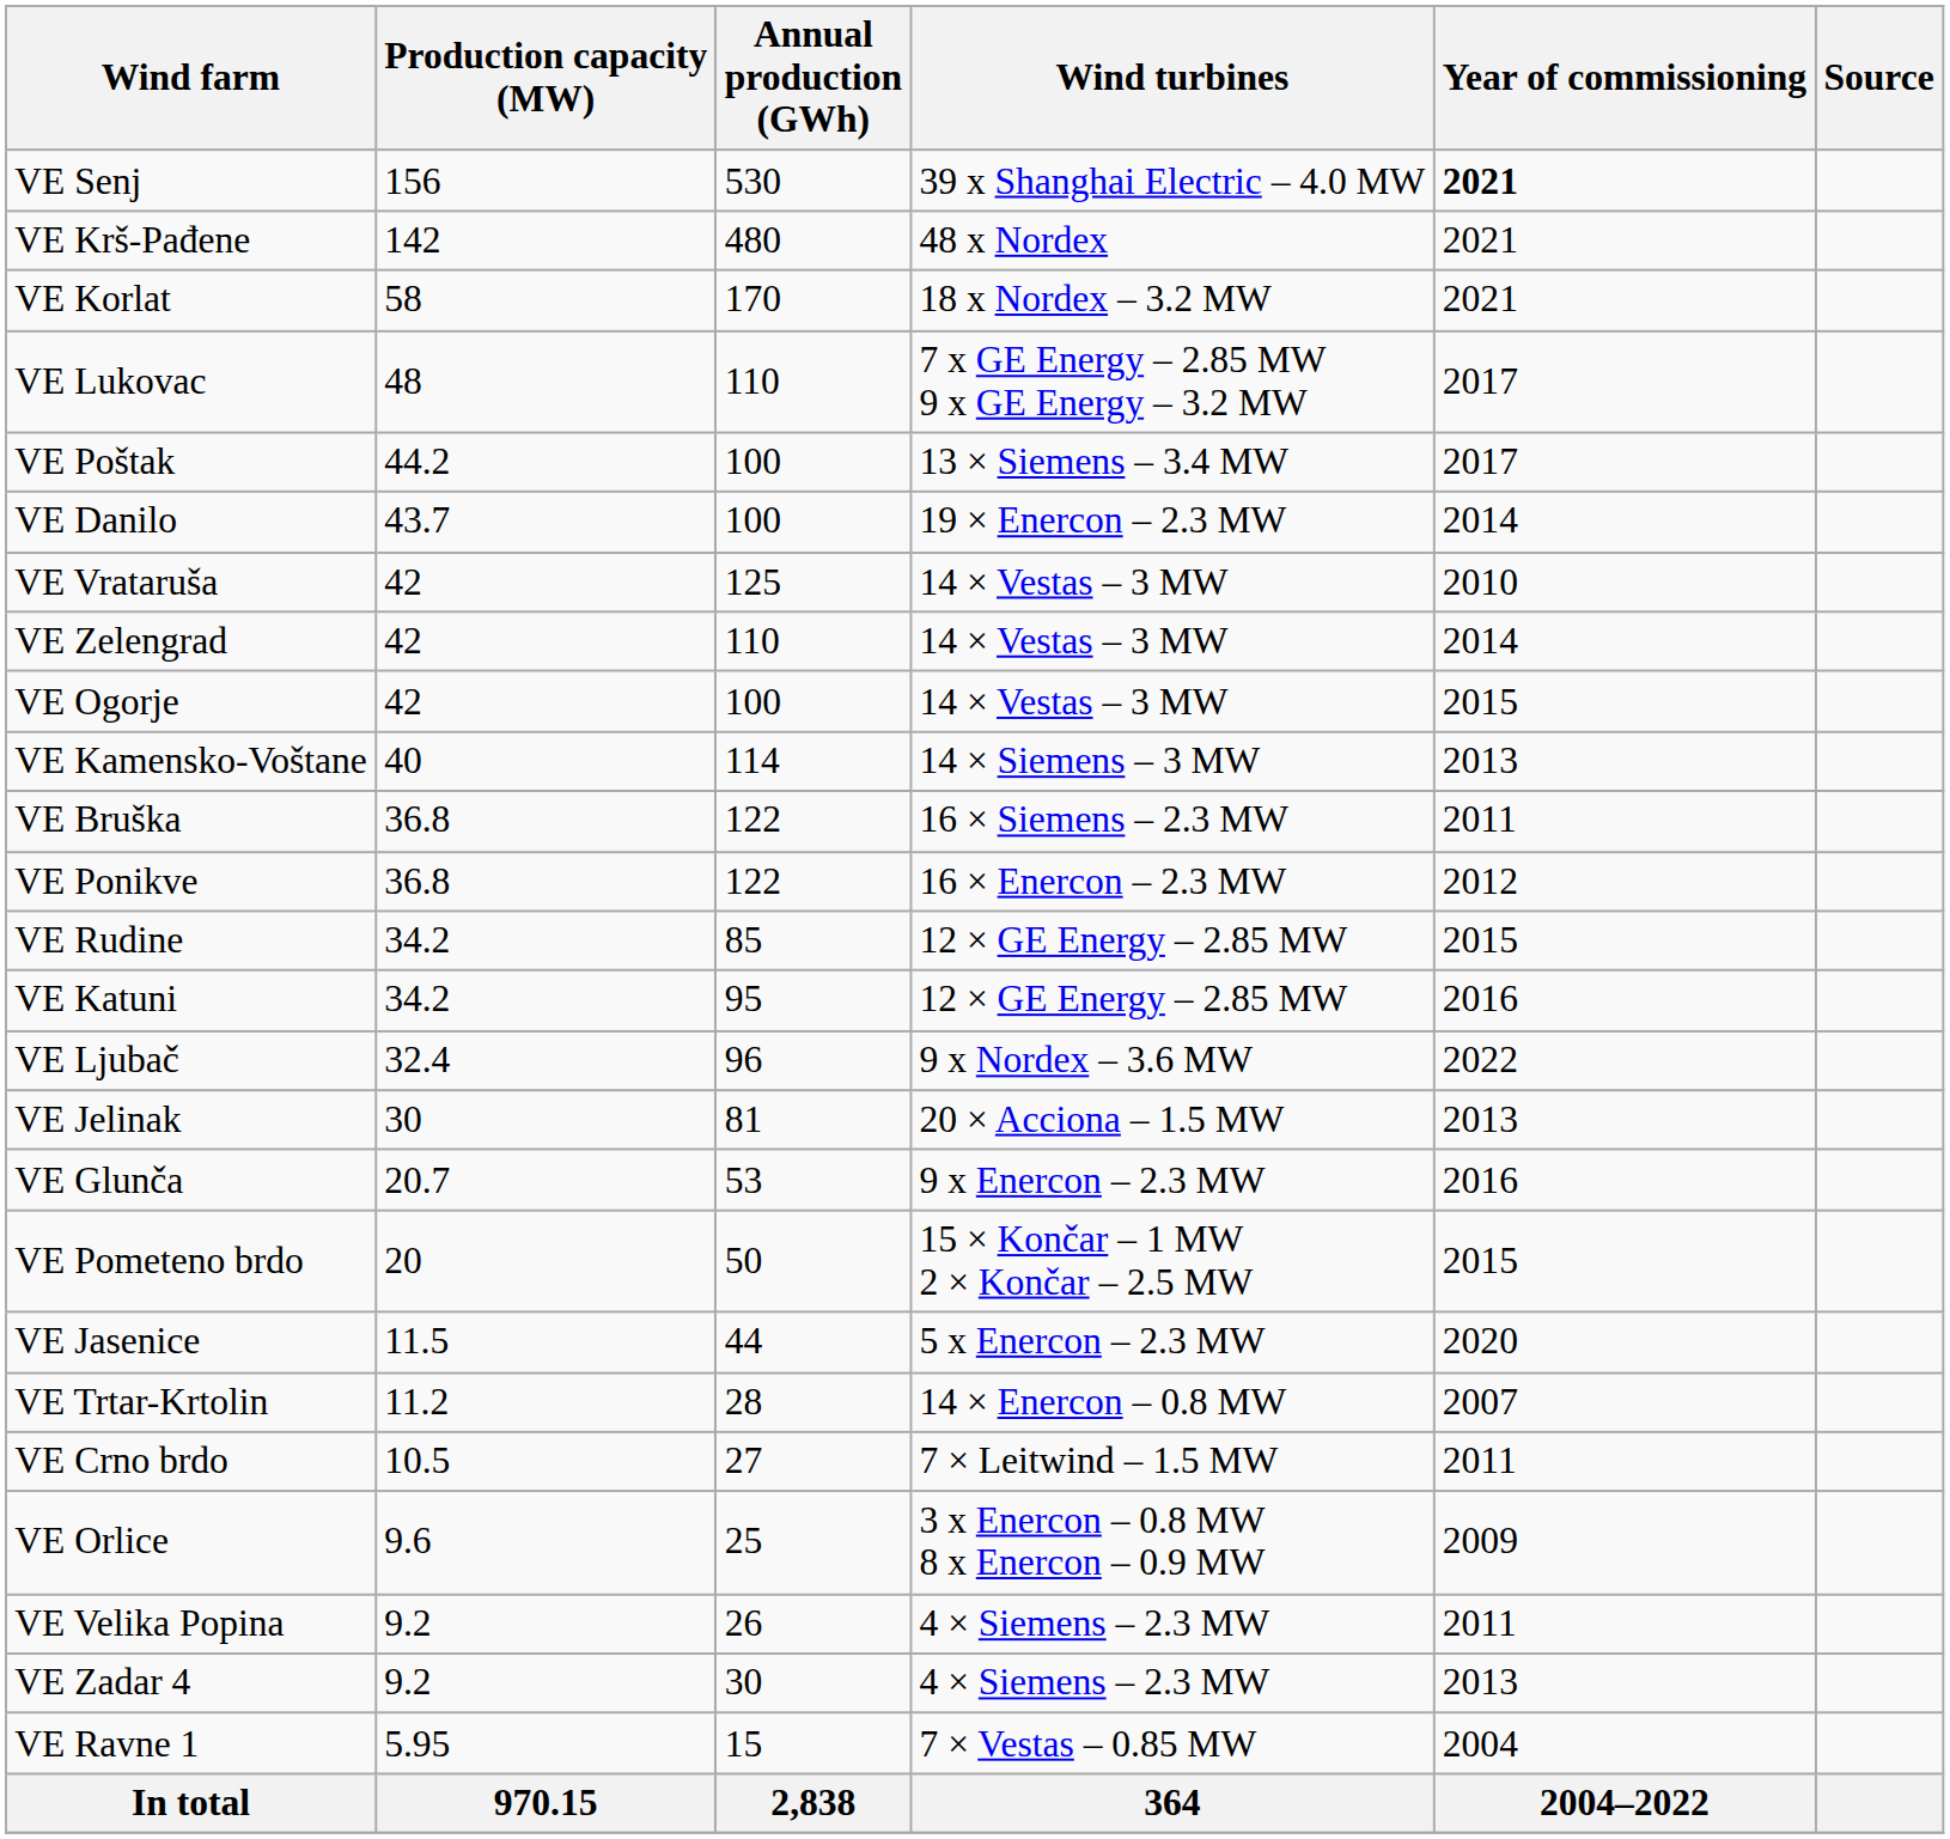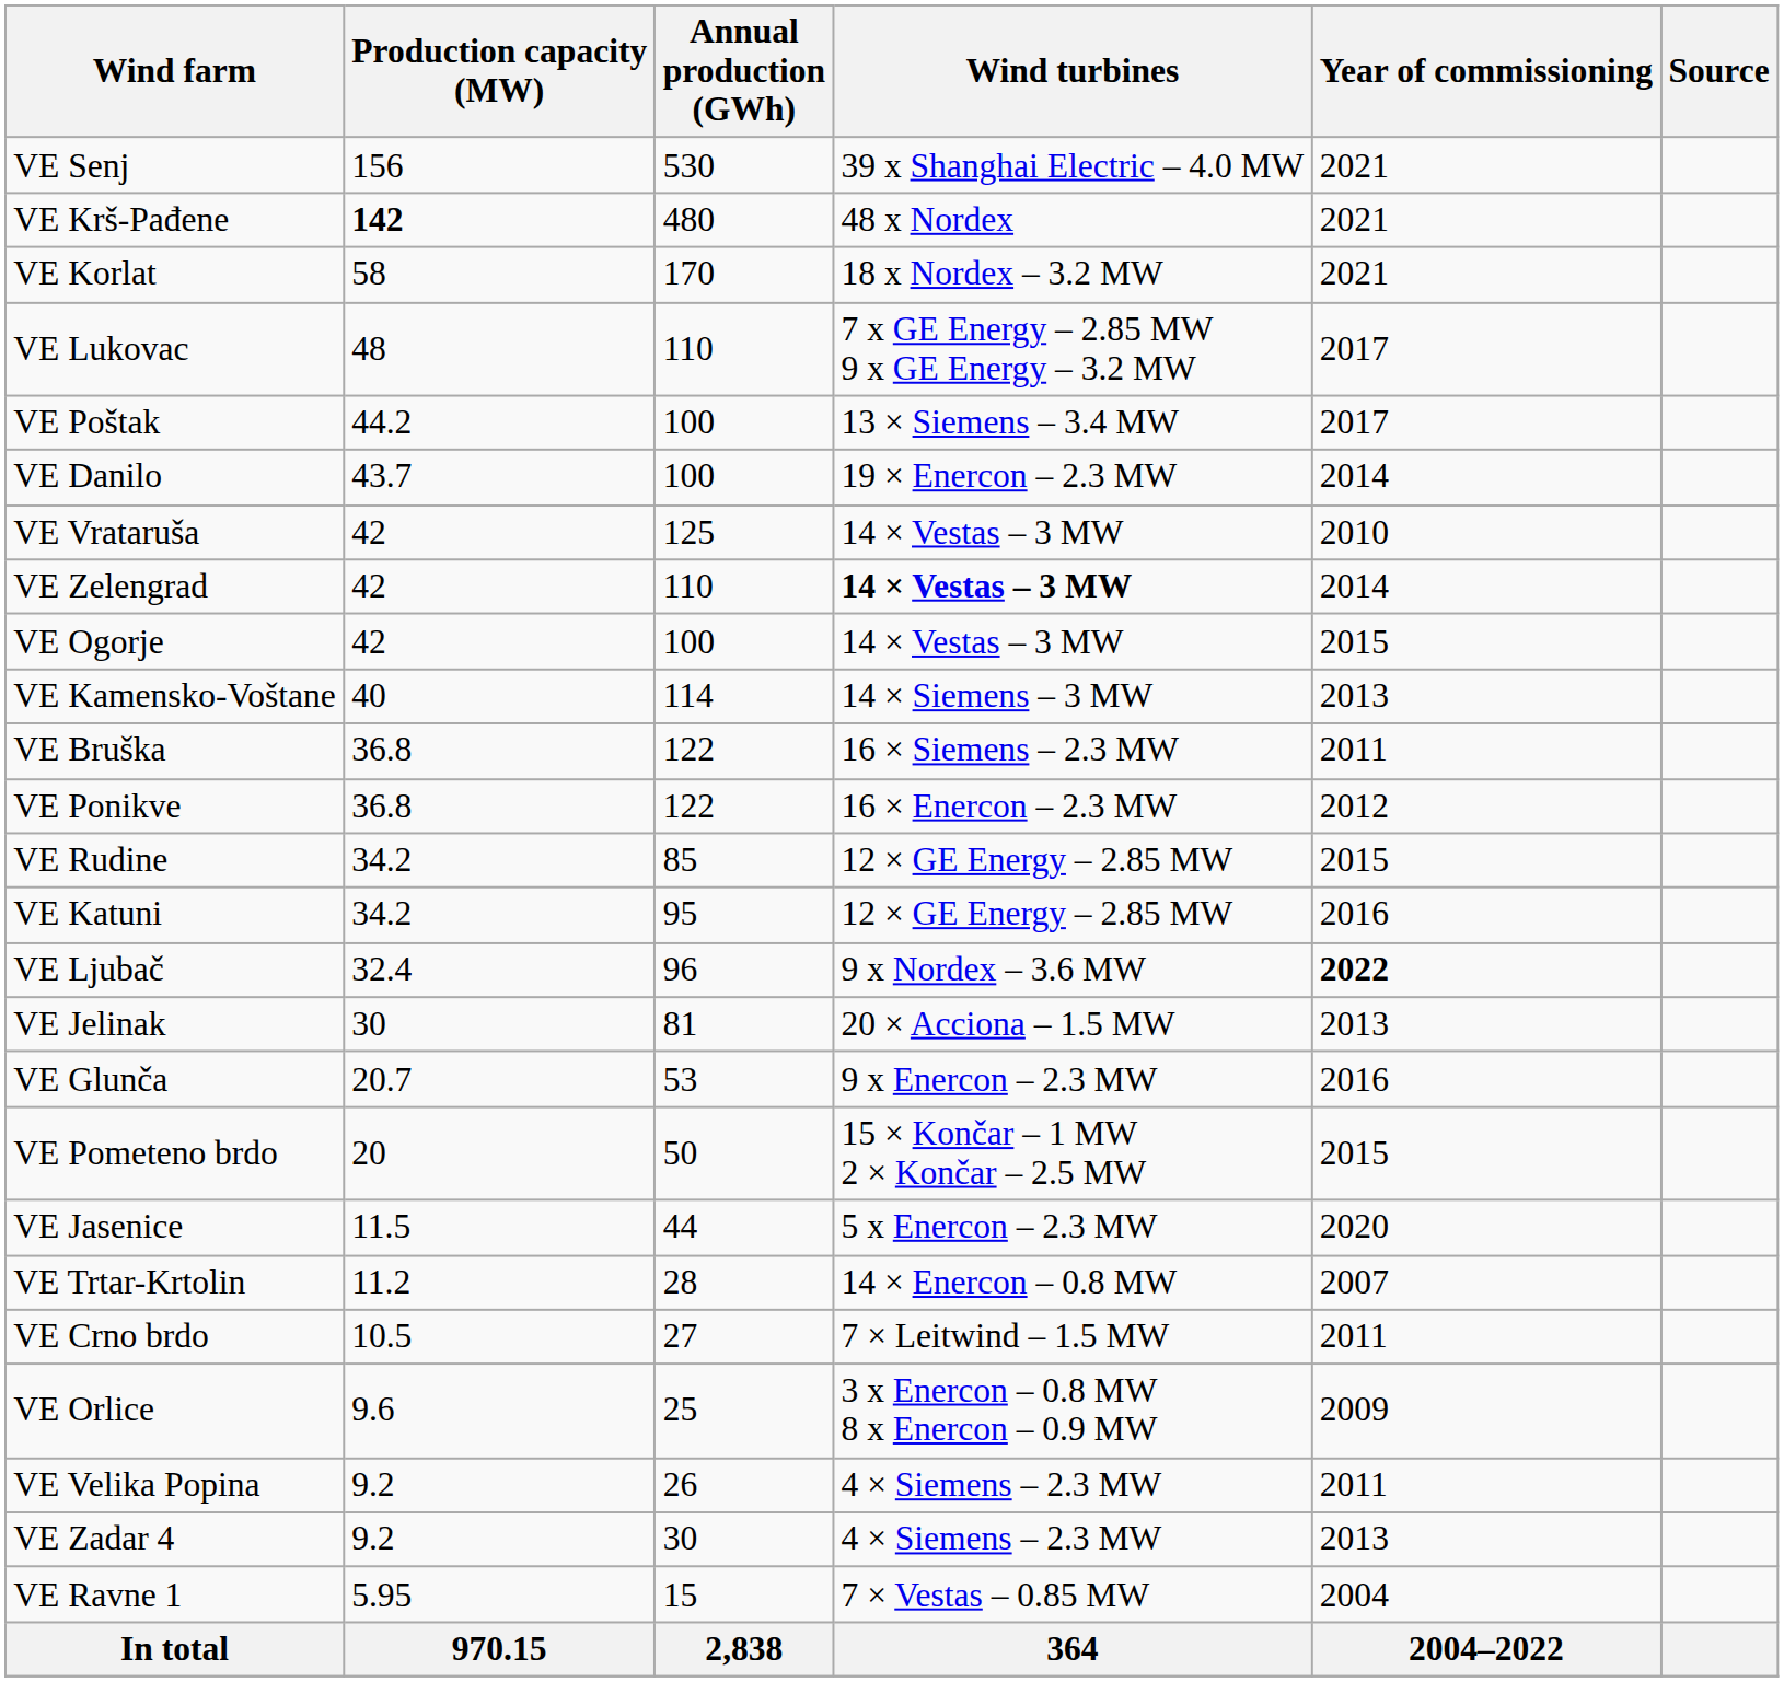 <table class="wikitable sortable c6">
 <tr>
 <th>Wind farm</th>
 <th>Production capacity<br>(MW)</th>
 <th>Annual<br>production<br>(GWh)</th>
 <th>Wind turbines</th>
 <th>Year of commissioning</th>
 <th class="unsortable">Source</th>
 </tr>
 <tr>
 <td>VE Senj</td>
 <td>156</td>
 <td>530</td>
 <td>39 x <a href='#'>Shanghai Electric</a> – 4.0 MW</td>
-<td><strong>2021</strong></td>
+<td>2021</td>
 <td></td>
 </tr>
 <tr>
 <td>VE Krš-Pađene</td>
-<td>142</td>
+<td><strong>142</strong></td>
 <td>480</td>
 <td>48 x <a href='#'>Nordex</a></td>
 <td>2021</td>
 <td></td>
 </tr>
 <tr>
 <td>VE Korlat</td>
 <td>58</td>
 <td>170</td>
 <td>18 x <a href='#'>Nordex</a> – 3.2 MW</td>
 <td>2021</td>
 <td></td>
 </tr>
 <tr>
 <td>VE Lukovac</td>
 <td>48</td>
 <td>110</td>
 <td>7 x <a href='#'>GE Energy</a> – 2.85 MW<br>9 x <a href='#'>GE Energy</a> – 3.2 MW</td>
 <td>2017</td>
 <td></td>
 </tr>
 <tr>
 <td>VE Poštak</td>
 <td>44.2</td>
 <td>100</td>
 <td>13 × <a href='#'>Siemens</a> – 3.4 MW</td>
 <td>2017</td>
 <td></td>
 </tr>
 <tr>
 <td>VE Danilo</td>
 <td>43.7</td>
 <td>100</td>
 <td>19 × <a href='#'>Enercon</a> – 2.3 MW</td>
 <td>2014</td>
 <td></td>
 </tr>
 <tr>
 <td>VE Vrataruša</td>
 <td>42</td>
 <td>125</td>
 <td>14 × <a href='#'>Vestas</a> – 3 MW</td>
 <td>2010</td>
 <td></td>
 </tr>
 <tr>
 <td>VE Zelengrad</td>
 <td>42</td>
 <td>110</td>
-<td>14 × <a href='#'>Vestas</a> – 3 MW</td>
+<td><strong>14 × <a href='#'>Vestas</a> – 3 MW</strong></td>
 <td>2014</td>
 <td></td>
 </tr>
 <tr>
 <td>VE Ogorje</td>
 <td>42</td>
 <td>100</td>
 <td>14 × <a href='#'>Vestas</a> – 3 MW</td>
 <td>2015</td>
 <td></td>
 </tr>
 <tr>
 <td>VE Kamensko-Voštane</td>
 <td>40</td>
 <td>114</td>
 <td>14 × <a href='#'>Siemens</a> – 3 MW</td>
 <td>2013</td>
 <td></td>
 </tr>
 <tr>
 <td>VE Bruška</td>
 <td>36.8</td>
 <td>122</td>
 <td>16 × <a href='#'>Siemens</a> – 2.3 MW</td>
 <td>2011</td>
 <td></td>
 </tr>
 <tr>
 <td>VE Ponikve</td>
 <td>36.8</td>
 <td>122</td>
 <td>16 × <a href='#'>Enercon</a> – 2.3 MW</td>
 <td>2012</td>
 <td></td>
 </tr>
 <tr>
 <td>VE Rudine</td>
 <td>34.2</td>
 <td>85</td>
 <td>12 × <a href='#'>GE Energy</a> – 2.85 MW</td>
 <td>2015</td>
 <td></td>
 </tr>
 <tr>
 <td>VE Katuni</td>
 <td>34.2</td>
 <td>95</td>
 <td>12 × <a href='#'>GE Energy</a> – 2.85 MW</td>
 <td>2016</td>
 <td></td>
 </tr>
 <tr>
 <td>VE Ljubač</td>
 <td>32.4</td>
 <td>96</td>
 <td>9 x <a href='#'>Nordex</a> – 3.6 MW</td>
-<td>2022</td>
+<td><strong>2022</strong></td>
 <td></td>
 </tr>
 <tr>
 <td>VE Jelinak</td>
 <td>30</td>
 <td>81</td>
 <td>20 × <a href='#'>Acciona</a> – 1.5 MW</td>
 <td>2013</td>
 <td></td>
 </tr>
 <tr>
 <td>VE Glunča</td>
 <td>20.7</td>
 <td>53</td>
 <td>9 x <a href='#'>Enercon</a> – 2.3 MW</td>
 <td>2016</td>
 <td></td>
 </tr>
 <tr>
 <td>VE Pometeno brdo</td>
 <td>20</td>
 <td>50</td>
 <td>15 × <a href='#'>Končar</a> – 1 MW<br>2 × <a href='#'>Končar</a> – 2.5 MW</td>
 <td>2015</td>
 <td></td>
 </tr>
 <tr>
 <td>VE Jasenice</td>
 <td>11.5</td>
 <td>44</td>
 <td>5 x <a href='#'>Enercon</a> – 2.3 MW</td>
 <td>2020</td>
 <td></td>
 </tr>
 <tr>
 <td>VE Trtar-Krtolin</td>
 <td>11.2</td>
 <td>28</td>
 <td>14 × <a href='#'>Enercon</a> – 0.8 MW</td>
 <td>2007</td>
 <td></td>
 </tr>
 <tr>
 <td>VE Crno brdo</td>
 <td>10.5</td>
 <td>27</td>
 <td>7 × Leitwind – 1.5 MW</td>
 <td>2011</td>
 <td></td>
 </tr>
 <tr>
 <td>VE Orlice</td>
 <td>9.6</td>
 <td>25</td>
 <td>3 x <a href='#'>Enercon</a> – 0.8 MW<br>8 x <a href='#'>Enercon</a> – 0.9 MW</td>
 <td>2009</td>
 <td></td>
 </tr>
 <tr>
 <td>VE Velika Popina</td>
 <td>9.2</td>
 <td>26</td>
 <td>4 × <a href='#'>Siemens</a> – 2.3 MW</td>
 <td>2011</td>
 <td></td>
 </tr>
 <tr>
 <td>VE Zadar 4</td>
 <td>9.2</td>
 <td>30</td>
 <td>4 × <a href='#'>Siemens</a> – 2.3 MW</td>
 <td>2013</td>
 <td></td>
 </tr>
 <tr>
 <td>VE Ravne 1</td>
 <td>5.95</td>
 <td>15</td>
 <td>7 × <a href='#'>Vestas</a> – 0.85 MW</td>
 <td>2004</td>
 <td></td>
 </tr>
 <tr>
 <th><strong>In total</strong></th>
 <th>970.15</th>
 <th>2,838</th>
 <th>364</th>
 <th>2004–2022</th>
 <th></th>
 </tr>
 <tr>
 </tr>
 </table>
